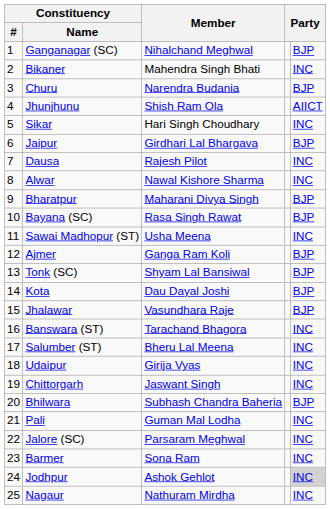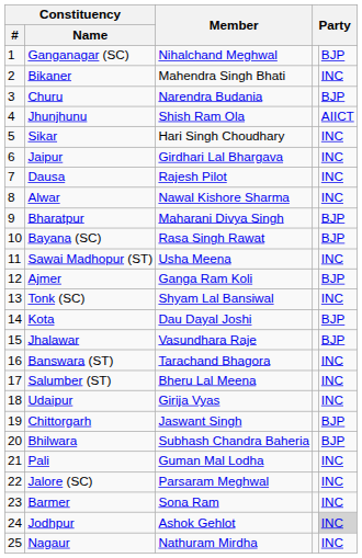 <table class="wikitable sortable">
 <tr>
 <th colspan="2">Constituency</th>
 <th rowspan="2">Member</th>
 <th colspan="2" rowspan="2">Party</th>
 </tr>
 <tr>
 <th>#</th>
 <th>Name</th>
 </tr>
 <tr>
 <td>1</td>
 <td><a href='#'>Ganganagar</a> (SC)</td>
 <td><a href='#'>Nihalchand Meghwal</a></td>
 <td style="background-color: "></td>
 <td><a href='#'>BJP</a></td>
 </tr>
 <tr>
 <td>2</td>
 <td><a href='#'>Bikaner</a></td>
 <td>Mahendra Singh Bhati</td>
 <td style="background-color: "></td>
 <td><a href='#'>INC</a></td>
 </tr>
 <tr>
 <td>3</td>
 <td><a href='#'>Churu</a></td>
 <td><a href='#'>Narendra Budania</a></td>
 <td style="background-color: "></td>
 <td><a href='#'>BJP</a></td>
 </tr>
 <tr>
 <td>4</td>
 <td><a href='#'>Jhunjhunu</a></td>
 <td><a href='#'>Shish Ram Ola</a></td>
 <td style="background-color: "></td>
 <td><a href='#'>AIICT</a></td>
 </tr>
 <tr>
 <td>5</td>
 <td><a href='#'>Sikar</a></td>
 <td>Hari Singh Choudhary</td>
 <td style="background-color: "></td>
 <td><a href='#'>INC</a></td>
 </tr>
 <tr>
 <td>6</td>
 <td><a href='#'>Jaipur</a></td>
 <td><a href='#'>Girdhari Lal Bhargava</a></td>
 <td style="background-color: "></td>
-<td><a href='#'>BJP</a></td>
+<td><a href='#'>INC</a></td>
 </tr>
 <tr>
 <td>7</td>
 <td><a href='#'>Dausa</a></td>
 <td><a href='#'>Rajesh Pilot</a></td>
 <td style="background-color: "></td>
 <td><a href='#'>INC</a></td>
 </tr>
 <tr>
 <td>8</td>
 <td><a href='#'>Alwar</a></td>
 <td><a href='#'>Nawal Kishore Sharma</a></td>
 <td style="background-color: "></td>
 <td><a href='#'>INC</a></td>
 </tr>
 <tr>
 <td>9</td>
 <td><a href='#'>Bharatpur</a></td>
 <td><a href='#'>Maharani Divya Singh</a></td>
 <td style="background-color: "></td>
 <td><a href='#'>BJP</a></td>
 </tr>
 <tr>
 <td>10</td>
 <td><a href='#'>Bayana</a> (SC)</td>
 <td><a href='#'>Rasa Singh Rawat</a></td>
 <td style="background-color: "></td>
 <td><a href='#'>BJP</a></td>
 </tr>
 <tr>
 <td>11</td>
 <td><a href='#'>Sawai Madhopur</a> (ST)</td>
 <td><a href='#'>Usha Meena</a></td>
 <td style="background-color: "></td>
 <td><a href='#'>INC</a></td>
 </tr>
 <tr>
 <td>12</td>
 <td><a href='#'>Ajmer</a></td>
 <td><a href='#'>Ganga Ram Koli</a></td>
 <td style="background-color: "></td>
 <td><a href='#'>BJP</a></td>
 </tr>
 <tr>
 <td>13</td>
 <td><a href='#'>Tonk</a> (SC)</td>
 <td><a href='#'>Shyam Lal Bansiwal</a></td>
 <td style="background-color: "></td>
-<td><a href='#'>BJP</a></td>
+<td><a href='#'>INC</a></td>
 </tr>
 <tr>
 <td>14</td>
 <td><a href='#'>Kota</a></td>
 <td><a href='#'>Dau Dayal Joshi</a></td>
 <td style="background-color: "></td>
 <td><a href='#'>BJP</a></td>
 </tr>
 <tr>
 <td>15</td>
 <td><a href='#'>Jhalawar</a></td>
 <td><a href='#'>Vasundhara Raje</a></td>
 <td style="background-color: "></td>
 <td><a href='#'>BJP</a></td>
 </tr>
 <tr>
 <td>16</td>
 <td><a href='#'>Banswara</a> (ST)</td>
 <td><a href='#'>Tarachand Bhagora</a></td>
 <td style="background-color: "></td>
 <td><a href='#'>INC</a></td>
 </tr>
 <tr>
 <td>17</td>
 <td><a href='#'>Salumber</a> (ST)</td>
 <td><a href='#'>Bheru Lal Meena</a></td>
 <td style="background-color: "></td>
 <td><a href='#'>INC</a></td>
 </tr>
 <tr>
 <td>18</td>
 <td><a href='#'>Udaipur</a></td>
 <td><a href='#'>Girija Vyas</a></td>
 <td style="background-color: "></td>
 <td><a href='#'>INC</a></td>
 </tr>
 <tr>
 <td>19</td>
 <td><a href='#'>Chittorgarh</a></td>
 <td><a href='#'>Jaswant Singh</a></td>
 <td style="background-color: "></td>
-<td><a href='#'>INC</a></td>
+<td><a href='#'>BJP</a></td>
 </tr>
 <tr>
 <td>20</td>
 <td><a href='#'>Bhilwara</a></td>
 <td><a href='#'>Subhash Chandra Baheria</a></td>
 <td style="background-color: "></td>
 <td><a href='#'>BJP</a></td>
 </tr>
 <tr>
 <td>21</td>
 <td><a href='#'>Pali</a></td>
 <td><a href='#'>Guman Mal Lodha</a></td>
 <td style="background-color: "></td>
 <td><a href='#'>INC</a></td>
 </tr>
 <tr>
 <td>22</td>
 <td><a href='#'>Jalore</a> (SC)</td>
 <td><a href='#'>Parsaram Meghwal</a></td>
 <td style="background-color: "></td>
 <td><a href='#'>INC</a></td>
 </tr>
 <tr>
 <td>23</td>
 <td><a href='#'>Barmer</a></td>
 <td><a href='#'>Sona Ram</a></td>
 <td style="background-color: "></td>
 <td><a href='#'>INC</a></td>
 </tr>
 <tr>
 <td>24</td>
 <td><a href='#'>Jodhpur</a></td>
 <td><a href='#'>Ashok Gehlot</a></td>
 <td style="background-color: "></td>
 <td style="background: lightgrey;"><a href='#'>INC</a></td>
 </tr>
 <tr>
 <td>25</td>
 <td><a href='#'>Nagaur</a></td>
 <td><a href='#'>Nathuram Mirdha</a></td>
 <td style="background-color: "></td>
 <td><a href='#'>INC</a></td>
 </tr>
 </table>
